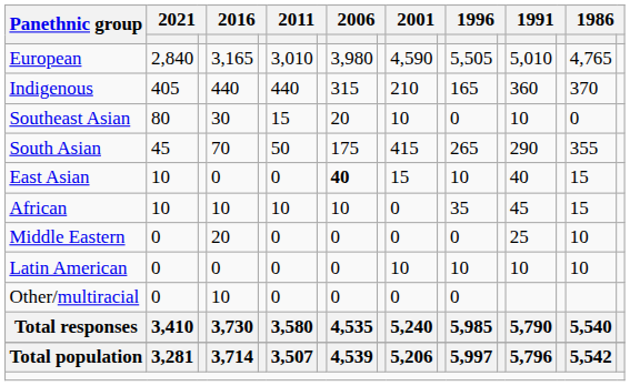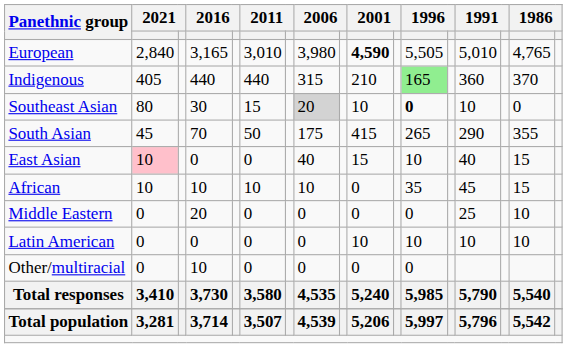 <table class="wikitable collapsible sortable">
 <tr>
 <th rowspan="2"><a href='#'>Panethnic</a> group</th>
 <th colspan="2">2021</th>
 <th colspan="2">2016</th>
 <th colspan="2">2011</th>
 <th colspan="2">2006</th>
 <th colspan="2">2001</th>
 <th colspan="2">1996</th>
 <th colspan="2">1991</th>
 <th colspan="2">1986</th>
 </tr>
 <tr>
 <th><a href='#'></a></th>
 <th></th>
 <th></th>
 <th></th>
 <th></th>
 <th></th>
 <th></th>
 <th></th>
 <th></th>
 <th></th>
 <th></th>
 <th></th>
 <th></th>
 <th></th>
 <th></th>
 <th></th>
 </tr>
 <tr>
 <td><a href='#'>European</a></td>
 <td>2,840</td>
 <td></td>
 <td>3,165</td>
 <td></td>
 <td>3,010</td>
 <td></td>
 <td>3,980</td>
 <td></td>
-<td>4,590</td>
+<td><strong>4,590</strong></td>
 <td></td>
 <td>5,505</td>
 <td></td>
 <td>5,010</td>
 <td></td>
 <td>4,765</td>
 <td></td>
 </tr>
 <tr>
 <td><a href='#'>Indigenous</a></td>
 <td>405</td>
 <td></td>
 <td>440</td>
 <td></td>
 <td>440</td>
 <td></td>
 <td>315</td>
 <td></td>
 <td>210</td>
 <td></td>
-<td>165</td>
+<td style="background: lightgreen;">165</td>
 <td></td>
 <td>360</td>
 <td></td>
 <td>370</td>
 <td></td>
 </tr>
 <tr>
 <td><a href='#'>Southeast Asian</a></td>
 <td>80</td>
 <td></td>
 <td>30</td>
 <td></td>
 <td>15</td>
 <td></td>
-<td>20</td>
+<td style="background: lightgrey;">20</td>
 <td></td>
 <td>10</td>
 <td></td>
-<td>0</td>
+<td><strong>0</strong></td>
 <td></td>
 <td>10</td>
 <td></td>
 <td>0</td>
 <td></td>
 </tr>
 <tr>
 <td><a href='#'>South Asian</a></td>
 <td>45</td>
 <td></td>
 <td>70</td>
 <td></td>
 <td>50</td>
 <td></td>
 <td>175</td>
 <td></td>
 <td>415</td>
 <td></td>
 <td>265</td>
 <td></td>
 <td>290</td>
 <td></td>
 <td>355</td>
 <td></td>
 </tr>
 <tr>
 <td><a href='#'>East Asian</a></td>
-<td>10</td>
+<td style="background: pink;">10</td>
 <td></td>
 <td>0</td>
 <td></td>
 <td>0</td>
 <td></td>
-<td><strong>40</strong></td>
+<td>40</td>
 <td></td>
 <td>15</td>
 <td></td>
 <td>10</td>
 <td></td>
 <td>40</td>
 <td></td>
 <td>15</td>
 <td></td>
 </tr>
 <tr>
 <td><a href='#'>African</a></td>
 <td>10</td>
 <td></td>
 <td>10</td>
 <td></td>
 <td>10</td>
 <td></td>
 <td>10</td>
 <td></td>
 <td>0</td>
 <td></td>
 <td>35</td>
 <td></td>
 <td>45</td>
 <td></td>
 <td>15</td>
 <td></td>
 </tr>
 <tr>
 <td><a href='#'>Middle Eastern</a></td>
 <td>0</td>
 <td></td>
 <td>20</td>
 <td></td>
 <td>0</td>
 <td></td>
 <td>0</td>
 <td></td>
 <td>0</td>
 <td></td>
 <td>0</td>
 <td></td>
 <td>25</td>
 <td></td>
 <td>10</td>
 <td></td>
 </tr>
 <tr>
 <td><a href='#'>Latin American</a></td>
 <td>0</td>
 <td></td>
 <td>0</td>
 <td></td>
 <td>0</td>
 <td></td>
 <td>0</td>
 <td></td>
 <td>10</td>
 <td></td>
 <td>10</td>
 <td></td>
 <td>10</td>
 <td></td>
 <td>10</td>
 <td></td>
 </tr>
 <tr>
 <td>Other/<a href='#'>multiracial</a></td>
 <td>0</td>
 <td></td>
 <td>10</td>
 <td></td>
 <td>0</td>
 <td></td>
 <td>0</td>
 <td></td>
 <td>0</td>
 <td></td>
 <td>0</td>
 <td></td>
 <td></td>
 <td></td>
 <td></td>
 <td></td>
 </tr>
 <tr>
 <th>Total responses</th>
 <th>3,410</th>
 <th></th>
 <th>3,730</th>
 <th></th>
 <th>3,580</th>
 <th></th>
 <th>4,535</th>
 <th></th>
 <th>5,240</th>
 <th></th>
 <th>5,985</th>
 <th></th>
 <th>5,790</th>
 <th></th>
 <th>5,540</th>
 <th></th>
 </tr>
 <tr>
 </tr>
 <tr class="sortbottom">
 <th>Total population</th>
 <th>3,281</th>
 <th></th>
 <th>3,714</th>
 <th></th>
 <th>3,507</th>
 <th></th>
 <th>4,539</th>
 <th></th>
 <th>5,206</th>
 <th></th>
 <th>5,997</th>
 <th></th>
 <th>5,796</th>
 <th></th>
 <th>5,542</th>
 <th></th>
 </tr>
 <tr class="sortbottom">
 <td colspan="20"></td>
 </tr>
 </table>
